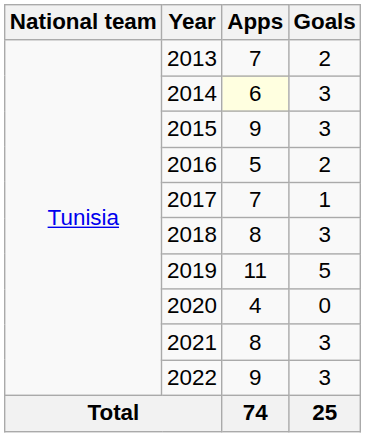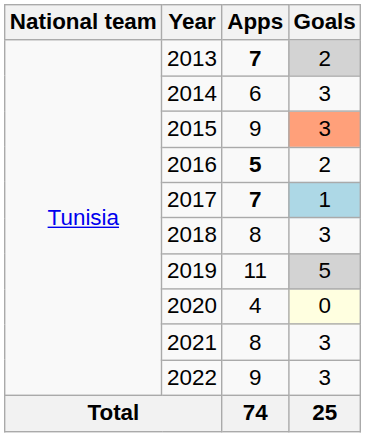 <table class="wikitable" style="text-align:center">
 <tr>
 <th>National team</th>
 <th>Year</th>
 <th>Apps</th>
 <th>Goals</th>
 </tr>
 <tr>
 <td rowspan="10"><a href='#'>Tunisia</a></td>
 <td>2013</td>
-<td>7</td>
-<td>2</td>
+<td><strong>7</strong></td>
+<td style="background: lightgrey;">2</td>
 </tr>
 <tr>
 <td>2014</td>
-<td style="background: lightyellow;">6</td>
+<td>6</td>
 <td>3</td>
 </tr>
 <tr>
 <td>2015</td>
 <td>9</td>
-<td>3</td>
+<td style="background: lightsalmon;">3</td>
 </tr>
 <tr>
 <td>2016</td>
-<td>5</td>
+<td><strong>5</strong></td>
 <td>2</td>
 </tr>
 <tr>
 <td>2017</td>
-<td>7</td>
-<td>1</td>
+<td><strong>7</strong></td>
+<td style="background: lightblue;">1</td>
 </tr>
 <tr>
 <td>2018</td>
 <td>8</td>
 <td>3</td>
 </tr>
 <tr>
 <td>2019</td>
 <td>11</td>
-<td>5</td>
+<td style="background: lightgrey;">5</td>
 </tr>
 <tr>
 <td>2020</td>
 <td>4</td>
-<td>0</td>
+<td style="background: lightyellow;">0</td>
 </tr>
 <tr>
 <td>2021</td>
 <td>8</td>
 <td>3</td>
 </tr>
 <tr>
 <td>2022</td>
 <td>9</td>
 <td>3</td>
 </tr>
 <tr>
 <th colspan="2">Total</th>
 <th>74</th>
 <th>25</th>
 </tr>
 </table>
